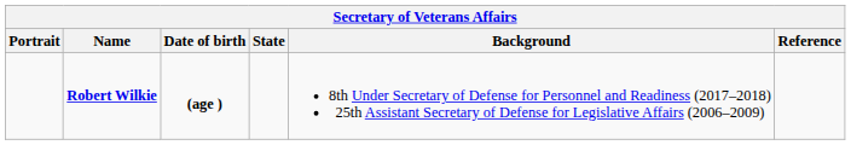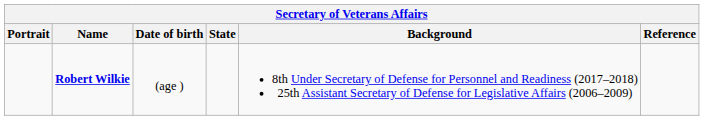 <table class="wikitable collapsible" style="text-align:center;">
 <tr>
 <th colspan="6"><a href='#'>Secretary of Veterans Affairs</a></th>
 </tr>
 <tr>
 <th>Portrait</th>
 <th>Name</th>
 <th>Date of birth</th>
 <th>State</th>
 <th>Background</th>
 <th>Reference</th>
 </tr>
 <tr>
 <td></td>
 <td><strong><a href='#'>Robert Wilkie</a></strong></td>
-<td><strong><br>(age )</strong></td>
+<td><br>(age )</td>
 <td></td>
 <td><br><ul><li>8th <a href='#'>Under Secretary of Defense for Personnel and Readiness</a> (2017–2018)</li><li>25th <a href='#'>Assistant Secretary of Defense for Legislative Affairs</a> (2006–2009)</li></ul></td>
 <td></td>
 </tr>
 </table>
